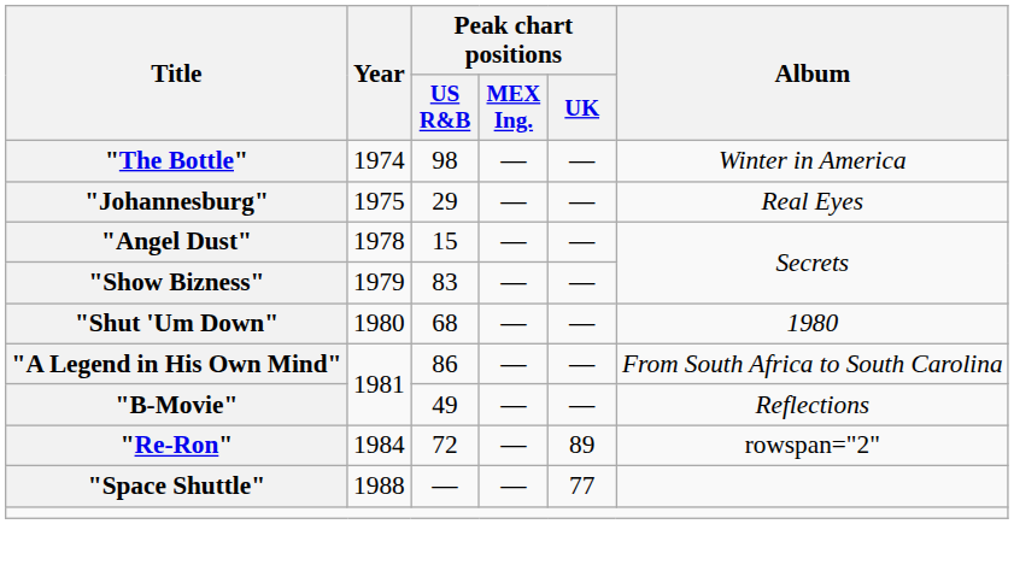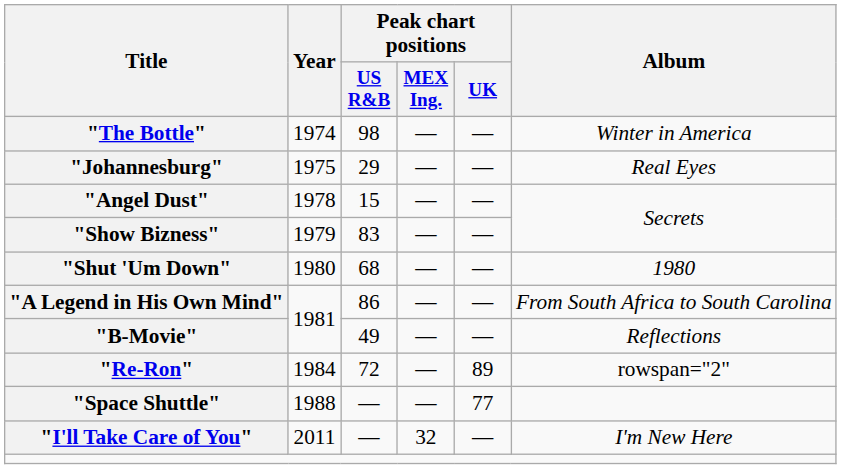 <table class="wikitable plainrowheaders" style="text-align:center;">
 <tr>
 <th rowspan="2">Title</th>
 <th rowspan="2">Year</th>
 <th colspan="3">Peak chart positions</th>
 <th rowspan="2">Album</th>
 </tr>
 <tr>
 <th scope="col" style="width:2.5em;font-size:90%;"><a href='#'>US<br>R&B</a><br></th>
 <th scope="col" style="width:2.5em;font-size:90%;"><a href='#'>MEX Ing.</a><br></th>
 <th scope="col" style="width:2.5em;font-size:90%;"><a href='#'>UK</a><br></th>
 </tr>
 <tr>
 <th scope="row">"<a href='#'>The Bottle</a>" </th>
 <td>1974</td>
 <td>98</td>
 <td>—</td>
 <td>—</td>
 <td><em>Winter in America</em></td>
 </tr>
 <tr>
 <th scope="row">"Johannesburg" </th>
 <td>1975</td>
 <td>29</td>
 <td>—</td>
 <td>—</td>
 <td><em>Real Eyes</em></td>
 </tr>
 <tr>
 <th scope="row">"Angel Dust"</th>
 <td>1978</td>
 <td>15</td>
 <td>—</td>
 <td>—</td>
 <td rowspan="2"><em>Secrets</em></td>
 </tr>
 <tr>
 <th scope="row">"Show Bizness"</th>
 <td>1979</td>
 <td>83</td>
 <td>—</td>
 <td>—</td>
 </tr>
 <tr>
 <th scope="row">"Shut 'Um Down"</th>
 <td>1980</td>
 <td>68</td>
 <td>—</td>
 <td>—</td>
 <td><em>1980</em></td>
 </tr>
 <tr>
 <th scope="row">"A Legend in His Own Mind"</th>
 <td rowspan="2">1981</td>
 <td>86</td>
 <td>—</td>
 <td>—</td>
 <td><em>From South Africa to South Carolina</em></td>
 </tr>
 <tr>
 <th scope="row">"B-Movie"</th>
 <td>49</td>
 <td>—</td>
 <td>—</td>
 <td><em>Reflections</em></td>
 </tr>
 <tr>
 <th scope="row">"<a href='#'>Re-Ron</a>"</th>
 <td>1984</td>
 <td>72</td>
 <td>—</td>
 <td>89</td>
 <td>rowspan="2" </td>
 </tr>
 <tr>
 <th scope="row">"Space Shuttle"</th>
 <td>1988</td>
 <td>—</td>
 <td>—</td>
 <td>77</td>
 </tr>
 <tr>
+<th scope="row">"<a href='#'>I'll Take Care of You</a>"</th>
+<td>2011</td>
+<td>—</td>
+<td>32</td>
+<td>—</td>
+<td><em>I'm New Here</em></td>
+</tr>
+<tr>
 <td colspan="6"></td>
 </tr>
 </table>
